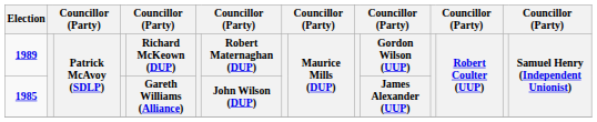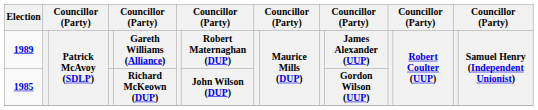 <table class="wikitable" style="text-align:center">
 <tr>
 <th scope="col" width="50">Election</th>
 <th scope="col" width="150" colspan = "2">Councillor<br> (Party)</th>
 <th scope="col" width="150" colspan = "2">Councillor<br> (Party)</th>
 <th scope="col" width="150" colspan = "2">Councillor<br> (Party)</th>
 <th scope="col" width="150" colspan = "2">Councillor<br> (Party)</th>
 <th scope="col" width="150" colspan = "2">Councillor<br> (Party)</th>
 <th scope="col" width="150" colspan = "2">Councillor<br> (Party)</th>
 <th scope="col" width="150" colspan = "2">Councillor<br> (Party)</th>
 </tr>
 <tr>
 <td><strong><a href='#'>1989</a></strong></td>
 <th rowspan="2" width="1" style="background-color: "></th>
 <th rowspan = "2">Patrick McAvoy <br> (<a href='#'>SDLP</a>)</th>
 <th rowspan="1" width="1" style="background-color: "></th>
-<th rowspan = "1">Richard McKeown <br> (<a href='#'>DUP</a>)</th>
+<th rowspan = "1">Gareth Williams <br> (<a href='#'>Alliance</a>)</th>
 <th rowspan="2" width="1" style="background-color: "></th>
 <th rowspan = "1">Robert Maternaghan <br> (<a href='#'>DUP</a>)</th>
 <th rowspan="2" width="1" style="background-color: "></th>
 <th rowspan = "2">Maurice Mills <br> (<a href='#'>DUP</a>)</th>
 <th rowspan="2" width="1" style="background-color: "></th>
-<th rowspan = "1">Gordon Wilson <br> (<a href='#'>UUP</a>)</th>
+<th rowspan = "1">James Alexander <br> (<a href='#'>UUP</a>)</th>
 <th rowspan="2" width="1" style="background-color: "></th>
 <th rowspan = "2"><a href='#'>Robert Coulter</a> <br> (<a href='#'>UUP</a>)</th>
 <th rowspan="2" width="1" style="background-color: "></th>
 <th rowspan = "2">Samuel Henry <br> (<a href='#'>Independent Unionist</a>)</th>
 </tr>
 <tr>
 <td><strong><a href='#'>1985</a></strong></td>
 <th rowspan="1" width="1" style="background-color: "></th>
-<th rowspan = "1">Gareth Williams <br> (<a href='#'>Alliance</a>)</th>
+<th rowspan = "1">Richard McKeown <br> (<a href='#'>DUP</a>)</th>
 <th rowspan = "1">John Wilson <br> (<a href='#'>DUP</a>)</th>
-<th rowspan = "1">James Alexander <br> (<a href='#'>UUP</a>)</th>
+<th rowspan = "1">Gordon Wilson <br> (<a href='#'>UUP</a>)</th>
 </tr>
 <tr>
 </tr>
 </table>
